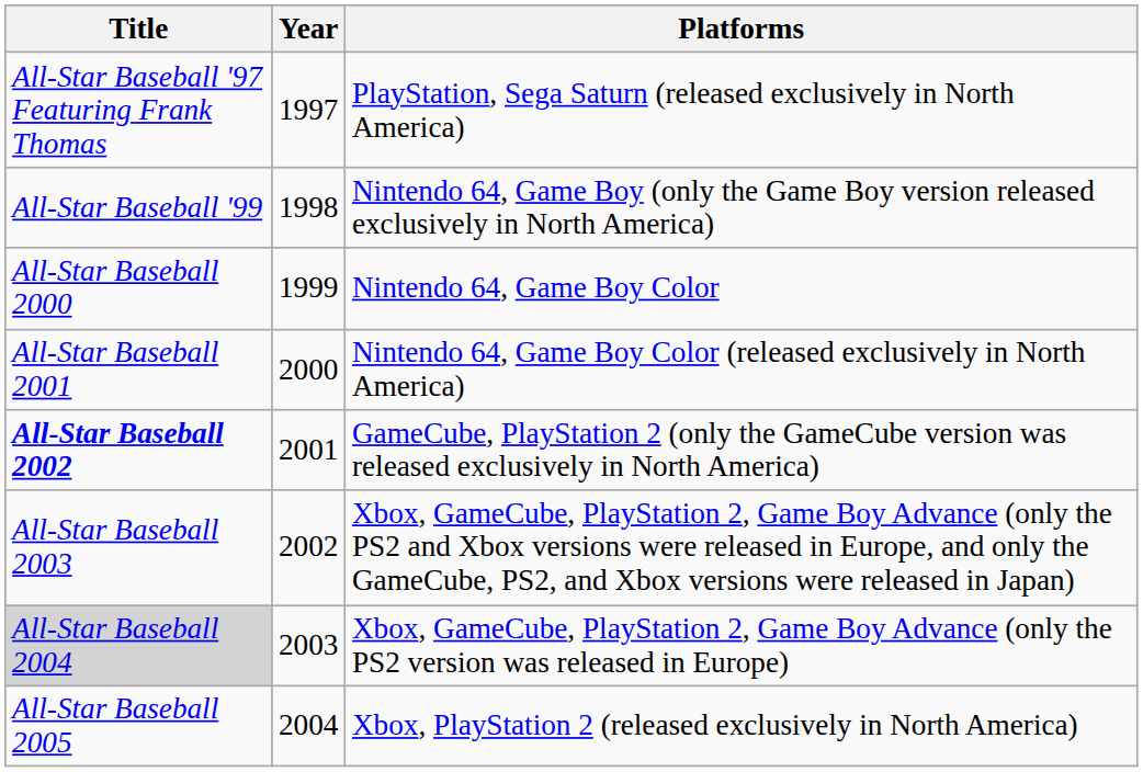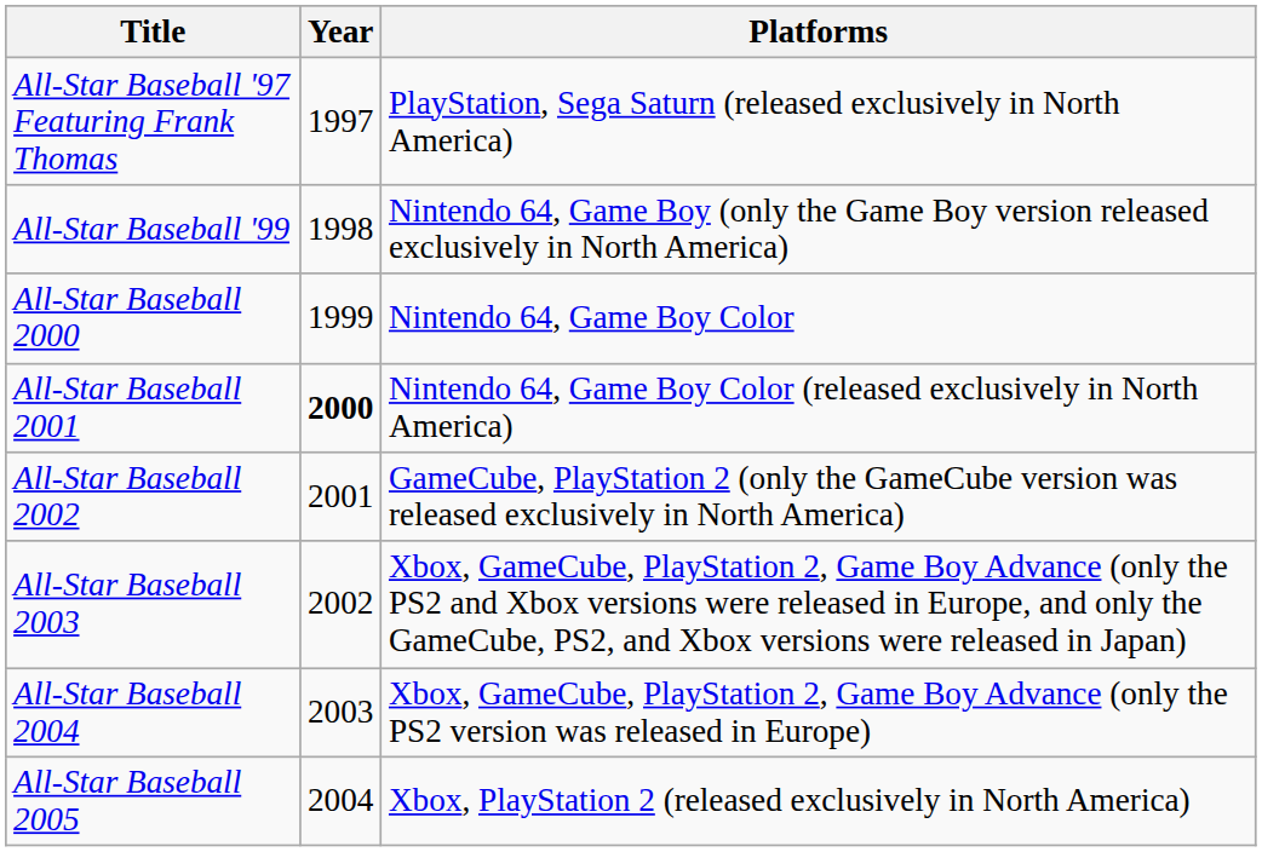 <table class="wikitable">
 <tr>
 <th>Title</th>
 <th>Year</th>
 <th>Platforms</th>
 </tr>
 <tr>
 <td><em><a href='#'>All-Star Baseball '97 Featuring Frank Thomas</a></em></td>
 <td>1997</td>
 <td><a href='#'>PlayStation</a>, <a href='#'>Sega Saturn</a> (released exclusively in North America)</td>
 </tr>
 <tr>
 <td><em><a href='#'>All-Star Baseball '99</a></em></td>
 <td>1998</td>
 <td><a href='#'>Nintendo 64</a>, <a href='#'>Game Boy</a> (only the Game Boy version released exclusively in North America)</td>
 </tr>
 <tr>
 <td><em><a href='#'>All-Star Baseball 2000</a></em></td>
 <td>1999</td>
 <td><a href='#'>Nintendo 64</a>, <a href='#'>Game Boy Color</a></td>
 </tr>
 <tr>
 <td><em><a href='#'>All-Star Baseball 2001</a></em></td>
-<td>2000</td>
+<td><strong>2000</strong></td>
 <td><a href='#'>Nintendo 64</a>, <a href='#'>Game Boy Color</a> (released exclusively in North America)</td>
 </tr>
 <tr>
-<td><strong><em><a href='#'>All-Star Baseball 2002</a></em></strong></td>
+<td><em><a href='#'>All-Star Baseball 2002</a></em></td>
 <td>2001</td>
 <td><a href='#'>GameCube</a>, <a href='#'>PlayStation 2</a> (only the GameCube version was released exclusively in North America)</td>
 </tr>
 <tr>
 <td><em><a href='#'>All-Star Baseball 2003</a></em></td>
 <td>2002</td>
 <td><a href='#'>Xbox</a>, <a href='#'>GameCube</a>, <a href='#'>PlayStation 2</a>, <a href='#'>Game Boy Advance</a> (only the PS2 and Xbox versions were released in Europe, and only the GameCube, PS2, and Xbox versions were released in Japan)</td>
 </tr>
 <tr>
-<td style="background: lightgrey;"><em><a href='#'>All-Star Baseball 2004</a></em></td>
+<td><em><a href='#'>All-Star Baseball 2004</a></em></td>
 <td>2003</td>
 <td><a href='#'>Xbox</a>, <a href='#'>GameCube</a>, <a href='#'>PlayStation 2</a>, <a href='#'>Game Boy Advance</a> (only the PS2 version was released in Europe)</td>
 </tr>
 <tr>
 <td><em><a href='#'>All-Star Baseball 2005</a></em></td>
 <td>2004</td>
 <td><a href='#'>Xbox</a>, <a href='#'>PlayStation 2</a> (released exclusively in North America)</td>
 </tr>
 </table>
